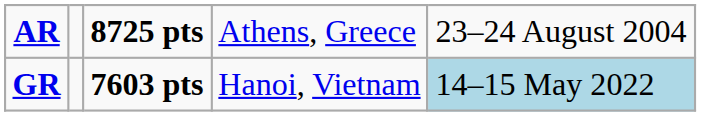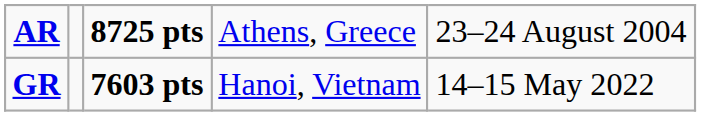 <table class="wikitable" style="font-size:95%; position:relative;">
 <tr>
 <td align=center><strong><a href='#'>AR</a></strong></td>
 <td></td>
 <td><strong>8725 pts</strong></td>
 <td><a href='#'>Athens</a>, <a href='#'>Greece</a></td>
 <td>23–24 August 2004</td>
 </tr>
 <tr>
 <td align=center><strong><a href='#'>GR</a></strong></td>
 <td></td>
 <td><strong>7603 pts</strong></td>
 <td><a href='#'>Hanoi</a>, <a href='#'>Vietnam</a></td>
-<td style="background: lightblue;">14–15 May 2022</td>
+<td>14–15 May 2022</td>
 </tr>
 </table>
